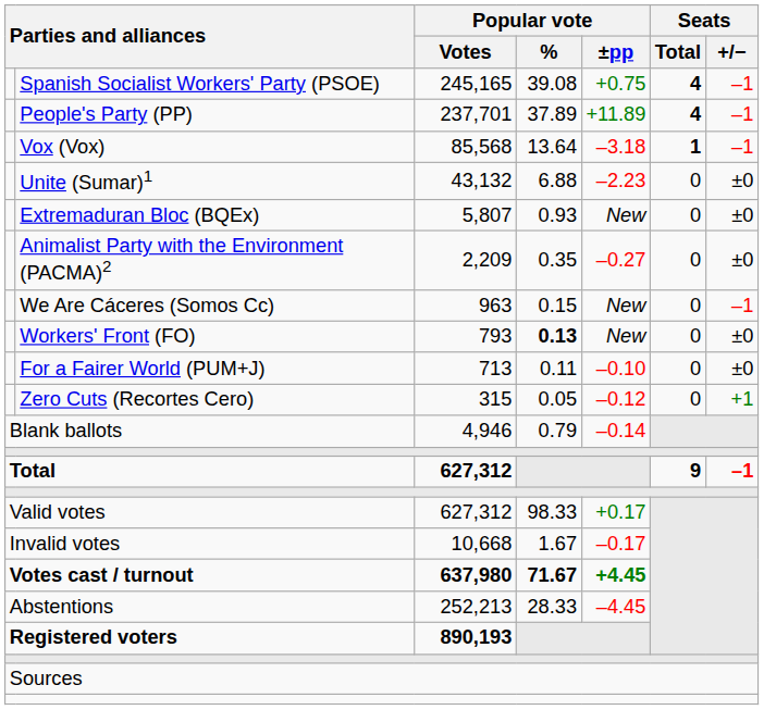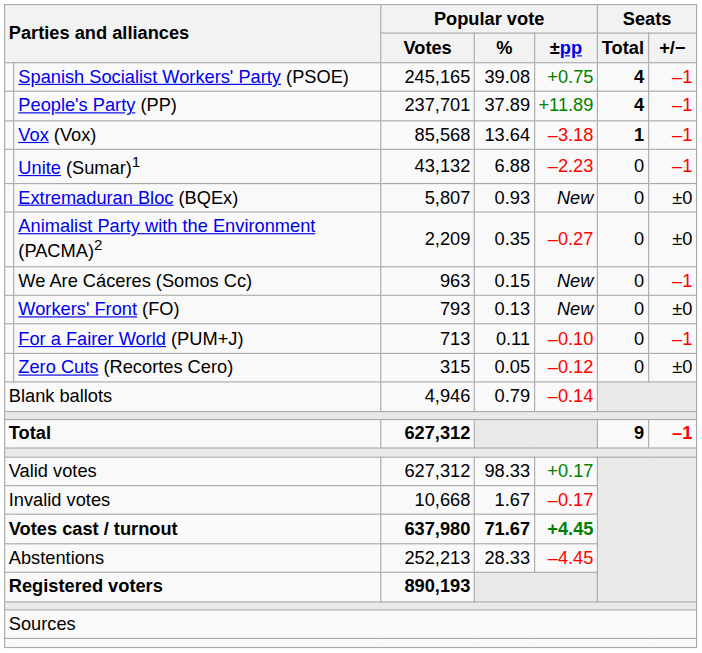 <table class="wikitable" style="text-align:right;">
 <tr>
 <th style="text-align:left;" rowspan="2" colspan="2" width="525">Parties and alliances</th>
 <th colspan="3">Popular vote</th>
 <th colspan="2">Seats</th>
 </tr>
 <tr>
 <th width="75">Votes</th>
 <th width="45">%</th>
 <th width="45">±<a href='#'>pp</a></th>
 <th width="35">Total</th>
 <th width="35">+/−</th>
 </tr>
 <tr>
 <td width="1" style="color:inherit;background:"></td>
 <td align="left"><a href='#'>Spanish Socialist Workers' Party</a> (PSOE)</td>
 <td>245,165</td>
 <td>39.08</td>
 <td style="color:green;">+0.75</td>
 <td><strong>4</strong></td>
 <td style="color:red;">–1</td>
 </tr>
 <tr>
 <td style="color:inherit;background:"></td>
 <td align="left"><a href='#'>People's Party</a> (PP)</td>
 <td>237,701</td>
 <td>37.89</td>
 <td style="color:green;">+11.89</td>
 <td><strong>4</strong></td>
 <td style="color:red;">–1</td>
 </tr>
 <tr>
 <td style="color:inherit;background:"></td>
 <td align="left"><a href='#'>Vox</a> (Vox)</td>
 <td>85,568</td>
 <td>13.64</td>
 <td style="color:red;">–3.18</td>
 <td><strong>1</strong></td>
 <td style="color:red;">–1</td>
 </tr>
 <tr>
 <td style="color:inherit;background:"></td>
 <td align="left"><a href='#'>Unite</a> (Sumar)<sup>1</sup></td>
 <td>43,132</td>
 <td>6.88</td>
 <td style="color:red;">–2.23</td>
 <td>0</td>
-<td>±0</td>
+<td style="color:red;">–1</td>
 </tr>
 <tr>
 <td style="color:inherit;background:"></td>
 <td align="left"><a href='#'>Extremaduran Bloc</a> (BQEx)</td>
 <td>5,807</td>
 <td>0.93</td>
 <td><em>New</em></td>
 <td>0</td>
 <td>±0</td>
 </tr>
 <tr>
 <td style="color:inherit;background:"></td>
 <td align="left"><a href='#'>Animalist Party with the Environment</a> (PACMA)<sup>2</sup></td>
 <td>2,209</td>
 <td>0.35</td>
 <td style="color:red;">–0.27</td>
 <td>0</td>
 <td>±0</td>
 </tr>
 <tr>
 <td style="color:inherit;background:"></td>
 <td align="left">We Are Cáceres (Somos Cc)</td>
 <td>963</td>
 <td>0.15</td>
 <td><em>New</em></td>
 <td>0</td>
 <td style="color:red;">–1</td>
 </tr>
 <tr>
 <td style="color:inherit;background:"></td>
 <td align="left"><a href='#'>Workers' Front</a> (FO)</td>
 <td>793</td>
-<td><strong>0.13</strong></td>
+<td>0.13</td>
 <td><em>New</em></td>
 <td>0</td>
 <td>±0</td>
 </tr>
 <tr>
 <td style="color:inherit;background:"></td>
 <td align="left"><a href='#'>For a Fairer World</a> (PUM+J)</td>
 <td>713</td>
 <td>0.11</td>
 <td style="color:red;">–0.10</td>
 <td>0</td>
-<td>±0</td>
+<td style="color:red;">–1</td>
 </tr>
 <tr>
 <td style="color:inherit;background:"></td>
 <td align="left"><a href='#'>Zero Cuts</a> (Recortes Cero)</td>
 <td>315</td>
 <td>0.05</td>
 <td style="color:red;">–0.12</td>
 <td>0</td>
-<td style="color:green;">+1</td>
+<td>±0</td>
 </tr>
 <tr>
 <td align="left" colspan="2">Blank ballots</td>
 <td>4,946</td>
 <td>0.79</td>
 <td style="color:red;">–0.14</td>
 <td bgcolor="#E9E9E9" colspan="2"></td>
 </tr>
 <tr>
 <td colspan="7" bgcolor="#E9E9E9"></td>
 </tr>
 <tr style="font-weight:bold;">
 <td align="left" colspan="2">Total</td>
 <td>627,312</td>
 <td bgcolor="#E9E9E9" colspan="2"></td>
 <td>9</td>
 <td style="color:red;">–1</td>
 </tr>
 <tr>
 <td colspan="7" bgcolor="#E9E9E9"></td>
 </tr>
 <tr>
 <td align="left" colspan="2">Valid votes</td>
 <td>627,312</td>
 <td>98.33</td>
 <td style="color:green;">+0.17</td>
 <td bgcolor="#E9E9E9" colspan="2" rowspan="5"></td>
 </tr>
 <tr>
 <td align="left" colspan="2">Invalid votes</td>
 <td>10,668</td>
 <td>1.67</td>
 <td style="color:red;">–0.17</td>
 </tr>
 <tr style="font-weight:bold;">
 <td align="left" colspan="2">Votes cast / turnout</td>
 <td>637,980</td>
 <td>71.67</td>
 <td style="color:green;">+4.45</td>
 </tr>
 <tr>
 <td align="left" colspan="2">Abstentions</td>
 <td>252,213</td>
 <td>28.33</td>
 <td style="color:red;">–4.45</td>
 </tr>
 <tr style="font-weight:bold;">
 <td align="left" colspan="2">Registered voters</td>
 <td>890,193</td>
 <td bgcolor="#E9E9E9" colspan="2"></td>
 </tr>
 <tr>
 <td colspan="7" bgcolor="#E9E9E9"></td>
 </tr>
 <tr>
 <td align="left" colspan="7">Sources</td>
 </tr>
 <tr>
 <td colspan="7" style="text-align:left; max-width:790px;"></td>
 </tr>
 </table>
